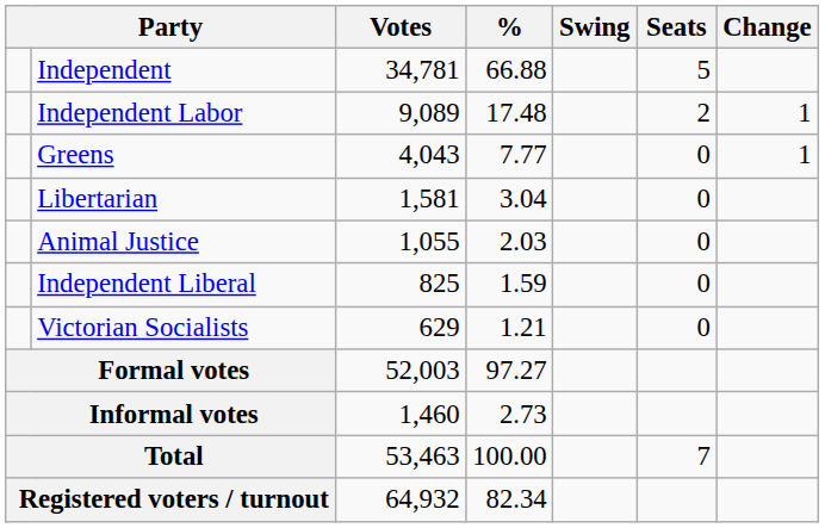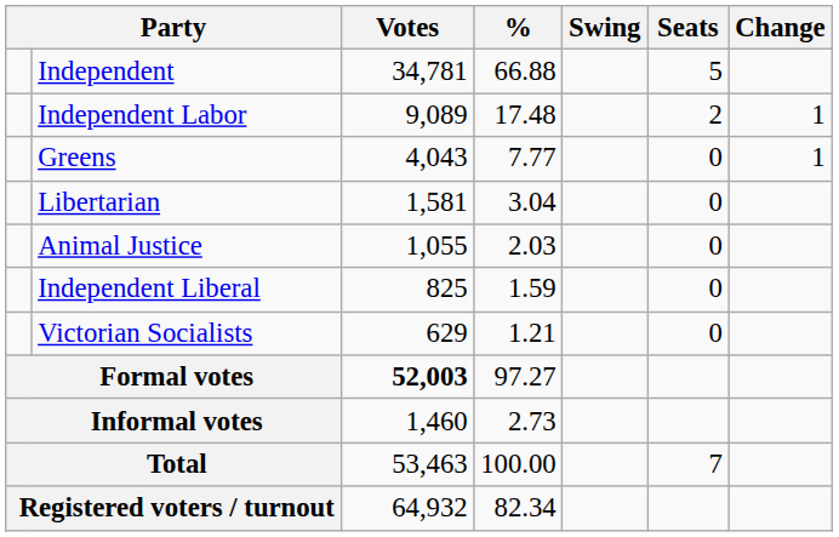 <table class="wikitable" style="text-align:right; margin-bottom:0">
 <tr>
 <th style="width:10px" colspan=3>Party</th>
 <th style="width:70px;">Votes</th>
 <th style="width:40px;">%</th>
 <th style="width:40px;">Swing</th>
 <th style="width:40px;">Seats</th>
 <th style="width:40px;">Change</th>
 </tr>
 <tr>
 <td> </td>
 <td style="text-align:left;" colspan="2"><a href='#'>Independent</a></td>
 <td>34,781</td>
 <td>66.88</td>
 <td></td>
 <td>5</td>
 <td></td>
 </tr>
 <tr>
 <td> </td>
 <td style="text-align:left;" colspan="2"><a href='#'>Independent Labor</a></td>
 <td>9,089</td>
 <td>17.48</td>
 <td></td>
 <td>2</td>
 <td> 1</td>
 </tr>
 <tr>
 <td> </td>
 <td style="text-align:left;" colspan="2"><a href='#'>Greens</a></td>
 <td>4,043</td>
 <td>7.77</td>
 <td></td>
 <td>0</td>
 <td> 1</td>
 </tr>
 <tr>
 <td> </td>
 <td colspan="2" style="text-align:left;"><a href='#'>Libertarian</a></td>
 <td>1,581</td>
 <td>3.04</td>
 <td></td>
 <td>0</td>
 <td></td>
 </tr>
 <tr>
 <td> </td>
 <td colspan="2" style="text-align:left;"><a href='#'>Animal Justice</a></td>
 <td>1,055</td>
 <td>2.03</td>
 <td></td>
 <td>0</td>
 <td></td>
 </tr>
 <tr>
 <td> </td>
 <td style="text-align:left;" colspan="2"><a href='#'>Independent Liberal</a></td>
 <td>825</td>
 <td>1.59</td>
 <td></td>
 <td>0</td>
 <td></td>
 </tr>
 <tr>
 <td> </td>
 <td style="text-align:left;" colspan="2"><a href='#'>Victorian Socialists</a></td>
 <td>629</td>
 <td>1.21</td>
 <td></td>
 <td>0</td>
 <td></td>
 </tr>
 <tr>
 <th colspan="3" rowspan="1"> Formal votes</th>
-<td>52,003</td>
+<td><strong>52,003</strong></td>
 <td>97.27</td>
 <td></td>
 <td></td>
 <td></td>
 </tr>
 <tr>
 <th colspan="3" rowspan="1"> Informal votes</th>
 <td>1,460</td>
 <td>2.73</td>
 <td></td>
 <td></td>
 <td></td>
 </tr>
 <tr>
 <th colspan="3" rowspan="1"> Total</th>
 <td>53,463</td>
 <td>100.00</td>
 <td></td>
 <td>7</td>
 <td></td>
 </tr>
 <tr>
 <th colspan="3" rowspan="1"> Registered voters / turnout</th>
 <td>64,932</td>
 <td>82.34</td>
 <td></td>
 <td></td>
 <td></td>
 </tr>
 </table>
